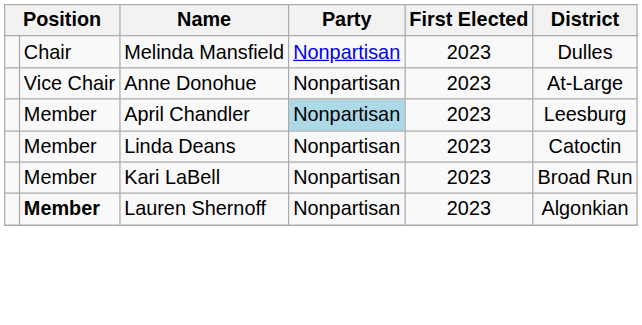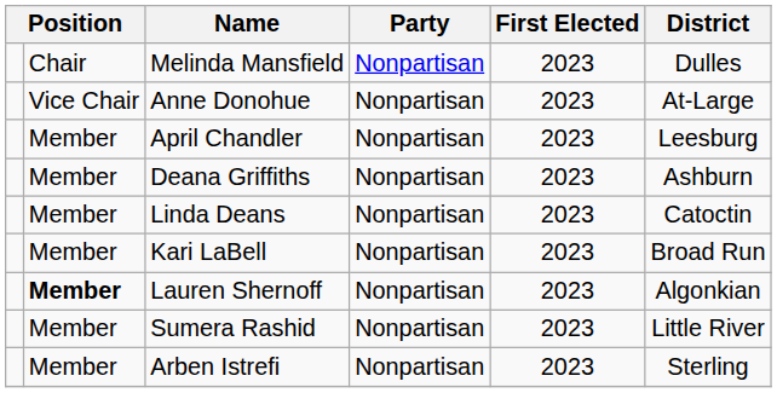 <table class="wikitable">
 <tr>
 <th colspan="2" align="center" valign="bottom">Position</th>
 <th style="text-align:center;">Name</th>
 <th valign="bottom">Party</th>
 <th valign="bottom" align="center">First Elected</th>
 <th valign="bottom" align="center">District</th>
 </tr>
 <tr>
 <td style="background-color:"> </td>
 <td>Chair</td>
 <td>Melinda Mansfield</td>
 <td style="text-align:center;"><a href='#'>Nonpartisan</a></td>
 <td style="text-align:center;">2023</td>
 <td style="text-align:center;">Dulles</td>
 </tr>
 <tr>
 <td style="background-color:"> </td>
 <td>Vice Chair</td>
 <td>Anne Donohue</td>
 <td style="text-align:center;">Nonpartisan</td>
 <td style="text-align:center;">2023</td>
 <td style="text-align:center;">At-Large</td>
 </tr>
 <tr>
 <td style="background-color:"> </td>
 <td>Member</td>
 <td>April Chandler</td>
-<td style="background: lightblue; text-align:center;">Nonpartisan</td>
+<td style="text-align:center;">Nonpartisan</td>
 <td style="text-align:center;">2023</td>
 <td style="text-align:center;">Leesburg</td>
+</tr>
+<tr>
+<td style="background-color:"> </td>
+<td>Member</td>
+<td>Deana Griffiths</td>
+<td style="text-align:center;">Nonpartisan</td>
+<td style="text-align:center;">2023</td>
+<td style="text-align:center;">Ashburn</td>
 </tr>
 <tr>
 <td style="background-color:"> </td>
 <td>Member</td>
 <td>Linda Deans</td>
 <td style="text-align:center;">Nonpartisan</td>
 <td style="text-align:center;">2023</td>
 <td style="text-align:center;">Catoctin</td>
 </tr>
 <tr>
 <td style="background-color:"> </td>
 <td>Member</td>
 <td>Kari LaBell</td>
 <td style="text-align:center;">Nonpartisan</td>
 <td style="text-align:center;">2023</td>
 <td style="text-align:center;">Broad Run</td>
 </tr>
 <tr>
 <td style="background-color:"> </td>
 <td><strong>Member</strong></td>
 <td>Lauren Shernoff</td>
 <td style="text-align:center;">Nonpartisan</td>
 <td style="text-align:center;">2023</td>
 <td style="text-align:center;">Algonkian</td>
 </tr>
 <tr>
+<td style="background-color:"> </td>
+<td>Member</td>
+<td>Sumera Rashid</td>
+<td style="text-align:center;">Nonpartisan</td>
+<td style="text-align:center;">2023</td>
+<td style="text-align:center;">Little River</td>
+</tr>
+<tr>
+<td style="background-color:"> </td>
+<td>Member</td>
+<td>Arben Istrefi</td>
+<td style="text-align:center;">Nonpartisan</td>
+<td style="text-align:center;">2023</td>
+<td style="text-align:center;">Sterling</td>
+</tr>
+<tr>
 </tr>
 </table>
